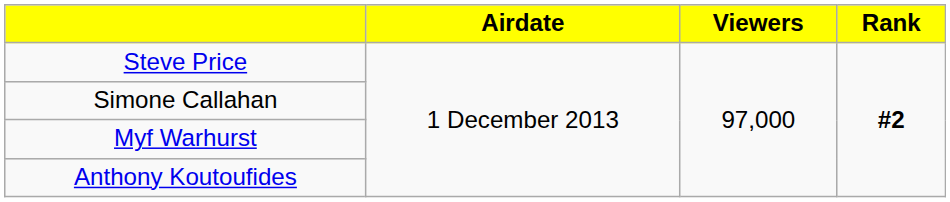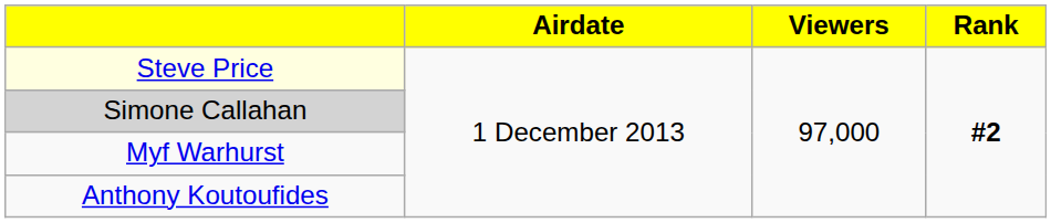 <table class="wikitable" style="text-align:center; width:100%;">
 <tr>
 <th scope="col" style="background:yellow;"></th>
 <th scope="col" style="background:yellow;">Airdate</th>
 <th scope="col" style="background:yellow;">Viewers</th>
 <th scope="col" style="background:yellow;">Rank</th>
 </tr>
 <tr>
-<td><a href='#'>Steve Price</a></td>
+<td style="background: lightyellow;"><a href='#'>Steve Price</a></td>
 <td rowspan="4">1 December 2013</td>
 <td rowspan="4">97,000</td>
 <td rowspan="4"><strong>#2</strong></td>
 </tr>
 <tr>
-<td>Simone Callahan</td>
+<td style="background: lightgrey;">Simone Callahan</td>
 </tr>
 <tr>
 <td><a href='#'>Myf Warhurst</a></td>
 </tr>
 <tr>
 <td><a href='#'>Anthony Koutoufides</a></td>
 </tr>
 </table>
